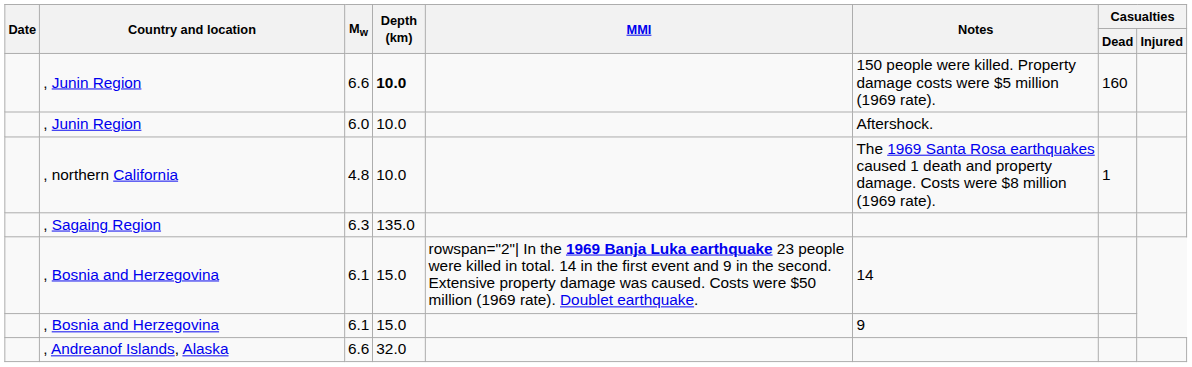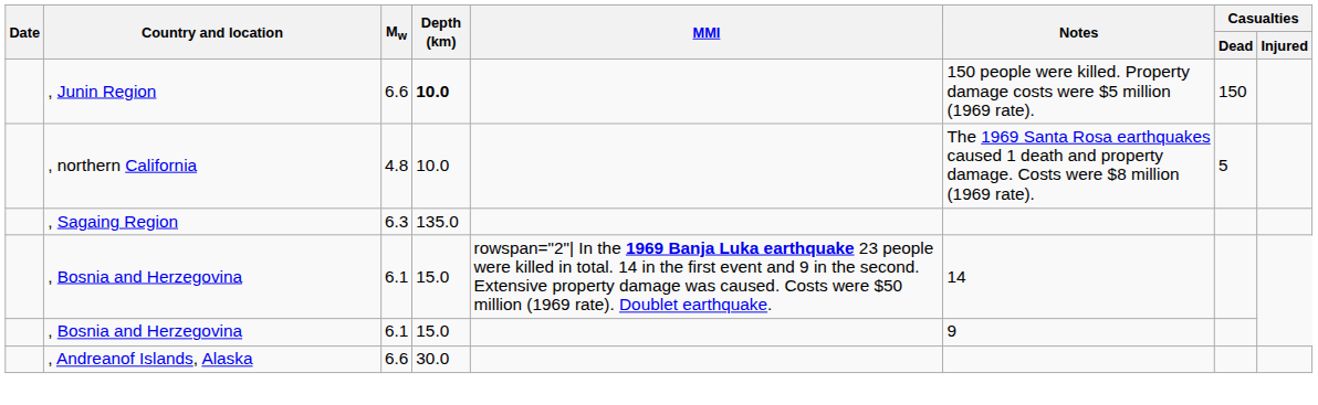 <table class="wikitable sortable sort-under" style="border:1px black; margin-left:1em;">
 <tr>
 <th rowspan="2"><small>Date</small></th>
 <th rowspan="2" style="width: 310px"><small>Country and location</small></th>
 <th rowspan="2"><small>M<sub>w</sub></small></th>
 <th rowspan="2"><small>Depth (km)</small></th>
 <th rowspan="2"><small><a href='#'>MMI</a></small></th>
 <th rowspan="2" class="unsortable"><small>Notes</small></th>
 <th colspan="2"><small>Casualties</small></th>
 </tr>
 <tr>
 <th><small>Dead</small></th>
 <th><small>Injured</small></th>
 </tr>
 <tr>
 <td></td>
 <td>, <a href='#'>Junin Region</a></td>
 <td>6.6</td>
 <td><strong>10.0</strong></td>
 <td></td>
 <td>150 people were killed. Property damage costs were $5 million (1969 rate).</td>
-<td>160</td>
-<td></td>
-</tr>
-<tr>
-<td></td>
-<td>, <a href='#'>Junin Region</a></td>
-<td>6.0</td>
-<td>10.0</td>
-<td></td>
-<td>Aftershock.</td>
-<td></td>
+<td>150</td>
 <td></td>
 </tr>
 <tr>
 <td></td>
 <td>, northern <a href='#'>California</a></td>
 <td>4.8</td>
 <td>10.0</td>
 <td></td>
 <td>The <a href='#'>1969 Santa Rosa earthquakes</a> caused 1 death and property damage. Costs were $8 million (1969 rate).</td>
-<td>1</td>
+<td>5</td>
 <td></td>
 </tr>
 <tr>
 <td></td>
 <td>, <a href='#'>Sagaing Region</a></td>
 <td>6.3</td>
 <td>135.0</td>
 <td></td>
 <td></td>
 <td></td>
 <td></td>
 </tr>
 <tr>
 <td></td>
 <td>, <a href='#'>Bosnia and Herzegovina</a></td>
 <td>6.1</td>
 <td>15.0</td>
 <td>rowspan="2"| In the <strong><a href='#'>1969 Banja Luka earthquake</a></strong> 23 people were killed in total. 14 in the first event and 9 in the second. Extensive property damage was caused. Costs were $50 million (1969 rate). <a href='#'>Doublet earthquake</a>.</td>
 <td>14</td>
 <td></td>
 </tr>
 <tr>
 <td></td>
 <td>, <a href='#'>Bosnia and Herzegovina</a></td>
 <td>6.1</td>
 <td>15.0</td>
 <td></td>
 <td>9</td>
 <td></td>
 </tr>
 <tr>
 <td></td>
 <td>, <a href='#'>Andreanof Islands</a>, <a href='#'>Alaska</a></td>
 <td>6.6</td>
-<td>32.0</td>
+<td>30.0</td>
 <td></td>
 <td></td>
 <td></td>
 <td></td>
 </tr>
 </table>
